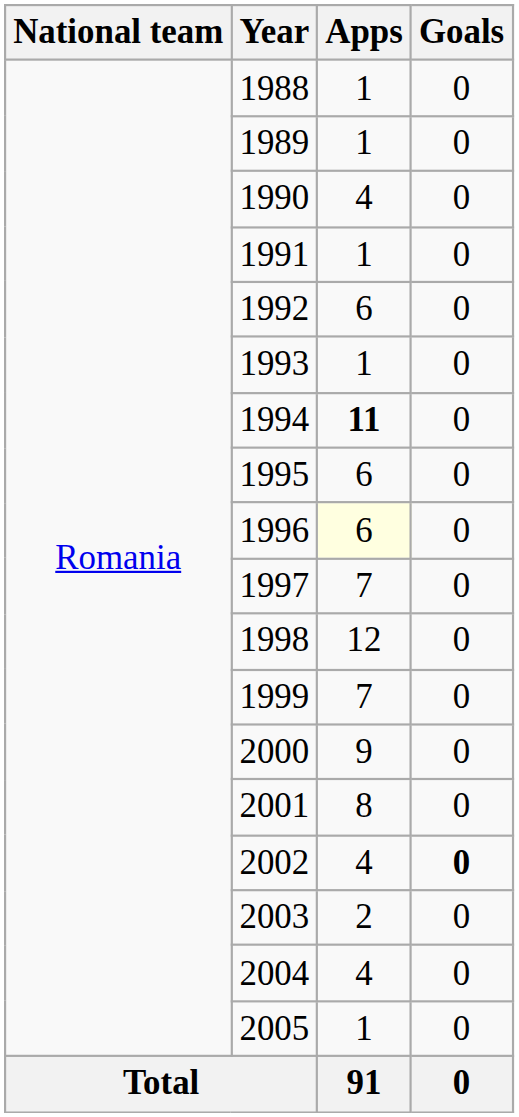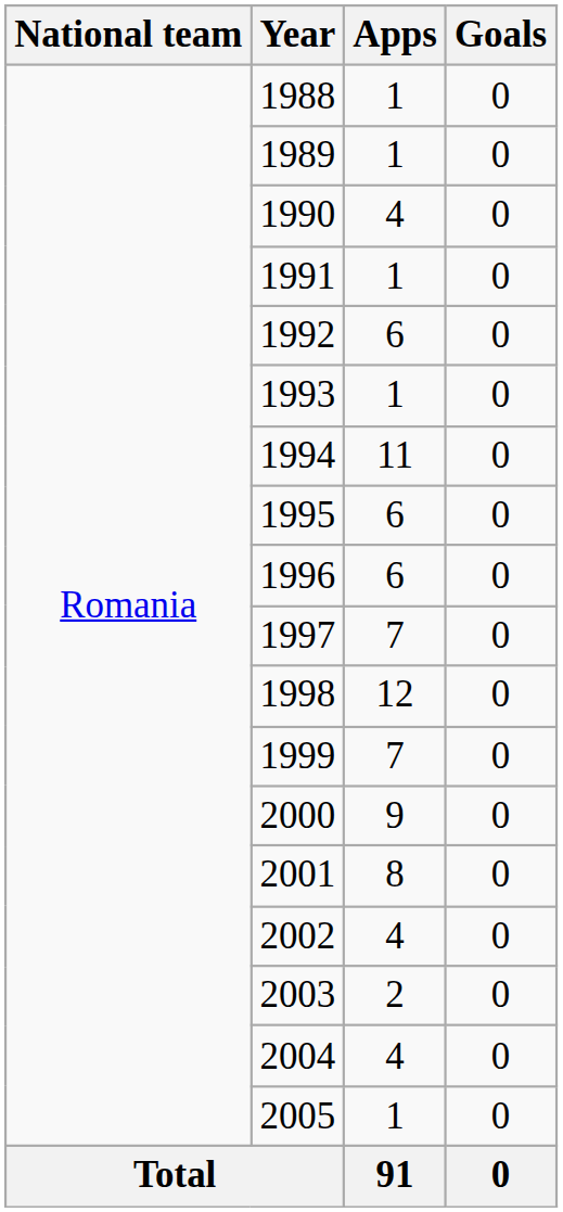 <table class="wikitable" style="text-align:center">
 <tr>
 <th>National team</th>
 <th>Year</th>
 <th>Apps</th>
 <th>Goals</th>
 </tr>
 <tr>
 <td rowspan="18"><a href='#'>Romania</a></td>
 <td>1988</td>
 <td>1</td>
 <td>0</td>
 </tr>
 <tr>
 <td>1989</td>
 <td>1</td>
 <td>0</td>
 </tr>
 <tr>
 <td>1990</td>
 <td>4</td>
 <td>0</td>
 </tr>
 <tr>
 <td>1991</td>
 <td>1</td>
 <td>0</td>
 </tr>
 <tr>
 <td>1992</td>
 <td>6</td>
 <td>0</td>
 </tr>
 <tr>
 <td>1993</td>
 <td>1</td>
 <td>0</td>
 </tr>
 <tr>
 <td>1994</td>
-<td><strong>11</strong></td>
+<td>11</td>
 <td>0</td>
 </tr>
 <tr>
 <td>1995</td>
 <td>6</td>
 <td>0</td>
 </tr>
 <tr>
 <td>1996</td>
-<td style="background: lightyellow;">6</td>
+<td>6</td>
 <td>0</td>
 </tr>
 <tr>
 <td>1997</td>
 <td>7</td>
 <td>0</td>
 </tr>
 <tr>
 <td>1998</td>
 <td>12</td>
 <td>0</td>
 </tr>
 <tr>
 <td>1999</td>
 <td>7</td>
 <td>0</td>
 </tr>
 <tr>
 <td>2000</td>
 <td>9</td>
 <td>0</td>
 </tr>
 <tr>
 <td>2001</td>
 <td>8</td>
 <td>0</td>
 </tr>
 <tr>
 <td>2002</td>
 <td>4</td>
-<td><strong>0</strong></td>
+<td>0</td>
 </tr>
 <tr>
 <td>2003</td>
 <td>2</td>
 <td>0</td>
 </tr>
 <tr>
 <td>2004</td>
 <td>4</td>
 <td>0</td>
 </tr>
 <tr>
 <td>2005</td>
 <td>1</td>
 <td>0</td>
 </tr>
 <tr>
 <th colspan="2">Total</th>
 <th>91</th>
 <th>0</th>
 </tr>
 </table>
